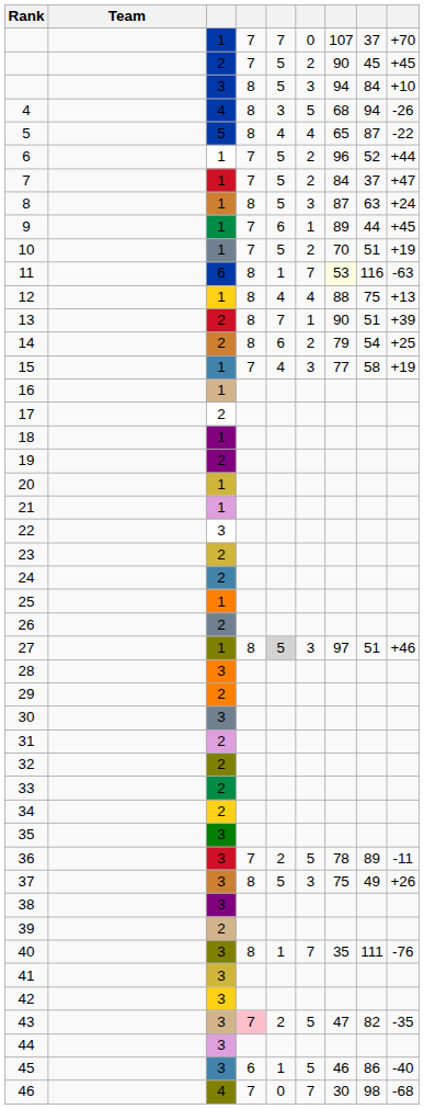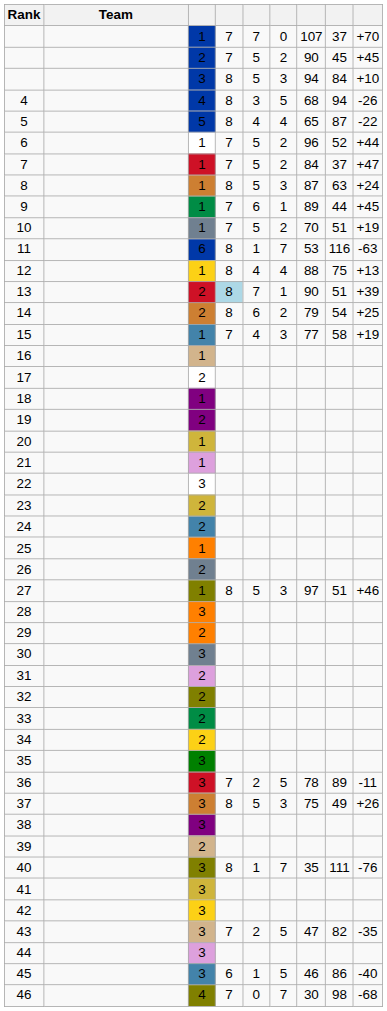 <table class="wikitable sortable" style="text-align:center;">
 <tr bc=gold>
 <th>Rank</th>
 <th width=165>Team</th>
 <th width=25></th>
 <th width=25></th>
 <th width=25></th>
 <th width=25></th>
 <th width=25></th>
 <th width=25></th>
 <th width=25><br>              </th>
 </tr>
 <tr>
 <td></td>
 <td align=left></td>
 <td bgcolor=#0038A8><span>1</span></td>
 <td>7</td>
 <td>7</td>
 <td>0</td>
 <td>107</td>
 <td>37</td>
 <td>+70</td>
 </tr>
 <tr>
 <td></td>
 <td align=left></td>
 <td bgcolor=#0038A8><span>2</span></td>
 <td>7</td>
 <td>5</td>
 <td>2</td>
 <td>90</td>
 <td>45</td>
 <td>+45</td>
 </tr>
 <tr>
 <td></td>
 <td align=left></td>
 <td bgcolor=#0038A8><span>3</span></td>
 <td>8</td>
 <td>5</td>
 <td>3</td>
 <td>94</td>
 <td>84</td>
 <td>+10</td>
 </tr>
 <tr>
 <td>4</td>
 <td align=left></td>
 <td bgcolor=#0038A8><span>4</span></td>
 <td>8</td>
 <td>3</td>
 <td>5</td>
 <td>68</td>
 <td>94</td>
 <td>-26</td>
 </tr>
 <tr>
 <td>5</td>
 <td align=left></td>
 <td bgcolor=#0038A8><span>5</span></td>
 <td>8</td>
 <td>4</td>
 <td>4</td>
 <td>65</td>
 <td>87</td>
 <td>-22</td>
 </tr>
 <tr>
 <td>6</td>
 <td align=left></td>
 <td bgcolor=#FFFFFF><span>1</span></td>
 <td>7</td>
 <td>5</td>
 <td>2</td>
 <td>96</td>
 <td>52</td>
 <td>+44</td>
 </tr>
 <tr>
 <td>7</td>
 <td align=left></td>
 <td bgcolor=#CE1126><span>1</span></td>
 <td>7</td>
 <td>5</td>
 <td>2</td>
 <td>84</td>
 <td>37</td>
 <td>+47</td>
 </tr>
 <tr>
 <td>8</td>
 <td align=left></td>
 <td bgcolor=#CD7F32><span>1</span></td>
 <td>8</td>
 <td>5</td>
 <td>3</td>
 <td>87</td>
 <td>63</td>
 <td>+24</td>
 </tr>
 <tr>
 <td>9</td>
 <td align=left></td>
 <td bgcolor=#008C45><span>1</span></td>
 <td>7</td>
 <td>6</td>
 <td>1</td>
 <td>89</td>
 <td>44</td>
 <td>+45</td>
 </tr>
 <tr>
 <td>10</td>
 <td align=left></td>
 <td bgcolor=#708090><span>1</span></td>
 <td>7</td>
 <td>5</td>
 <td>2</td>
 <td>70</td>
 <td>51</td>
 <td>+19</td>
 </tr>
 <tr>
 <td>11</td>
 <td align=left></td>
 <td bgcolor=#0038A8><span>6</span></td>
 <td>8</td>
 <td>1</td>
 <td>7</td>
-<td style="background: lightyellow;">53</td>
+<td>53</td>
 <td>116</td>
 <td>-63</td>
 </tr>
 <tr>
 <td>12</td>
 <td align=left></td>
 <td bgcolor=#FCD116><span>1</span></td>
 <td>8</td>
 <td>4</td>
 <td>4</td>
 <td>88</td>
 <td>75</td>
 <td>+13</td>
 </tr>
 <tr>
 <td>13</td>
 <td align=left></td>
 <td bgcolor=#CE1126><span>2</span></td>
-<td>8</td>
+<td style="background: lightblue;">8</td>
 <td>7</td>
 <td>1</td>
 <td>90</td>
 <td>51</td>
 <td>+39</td>
 </tr>
 <tr>
 <td>14</td>
 <td align=left></td>
 <td bgcolor=#CD7F32><span>2</span></td>
 <td>8</td>
 <td>6</td>
 <td>2</td>
 <td>79</td>
 <td>54</td>
 <td>+25</td>
 </tr>
 <tr>
 <td>15</td>
 <td align=left></td>
 <td bgcolor=#4383AA><span>1</span></td>
 <td>7</td>
 <td>4</td>
 <td>3</td>
 <td>77</td>
 <td>58</td>
 <td>+19</td>
 </tr>
 <tr>
 <td>16</td>
 <td align=left></td>
 <td bgcolor=#D2B48C><span>1</span></td>
 <td></td>
 <td></td>
 <td></td>
 <td></td>
 <td></td>
 <td></td>
 </tr>
 <tr>
 <td>17</td>
 <td align=left></td>
 <td bgcolor=#FFFFFF><span>2</span></td>
 <td></td>
 <td></td>
 <td></td>
 <td></td>
 <td></td>
 <td></td>
 </tr>
 <tr>
 <td>18</td>
 <td align=left></td>
 <td bgcolor=#800080><span>1</span></td>
 <td></td>
 <td></td>
 <td></td>
 <td></td>
 <td></td>
 <td></td>
 </tr>
 <tr>
 <td>19</td>
 <td align=left></td>
 <td bgcolor=#800080><span>2</span></td>
 <td></td>
 <td></td>
 <td></td>
 <td></td>
 <td></td>
 <td></td>
 </tr>
 <tr>
 <td>20</td>
 <td align=left></td>
 <td bgcolor=#CFB53B><span>1</span></td>
 <td></td>
 <td></td>
 <td></td>
 <td></td>
 <td></td>
 <td></td>
 </tr>
 <tr>
 <td>21</td>
 <td align=left></td>
 <td bgcolor=#DDA0DD><span>1</span></td>
 <td></td>
 <td></td>
 <td></td>
 <td></td>
 <td></td>
 <td></td>
 </tr>
 <tr>
 <td>22</td>
 <td align=left></td>
 <td bgcolor=#FFFFFF><span>3</span></td>
 <td></td>
 <td></td>
 <td></td>
 <td></td>
 <td></td>
 <td></td>
 </tr>
 <tr>
 <td>23</td>
 <td align=left></td>
 <td bgcolor=#CFB53B><span>2</span></td>
 <td></td>
 <td></td>
 <td></td>
 <td></td>
 <td></td>
 <td></td>
 </tr>
 <tr>
 <td>24</td>
 <td align=left></td>
 <td bgcolor=#4383AA><span>2</span></td>
 <td></td>
 <td></td>
 <td></td>
 <td></td>
 <td></td>
 <td></td>
 </tr>
 <tr>
 <td>25</td>
 <td align=left></td>
 <td bgcolor=#FF8000><span>1</span></td>
 <td></td>
 <td></td>
 <td></td>
 <td></td>
 <td></td>
 <td></td>
 </tr>
 <tr>
 <td>26</td>
 <td align=left></td>
 <td bgcolor=#708090><span>2</span></td>
 <td></td>
 <td></td>
 <td></td>
 <td></td>
 <td></td>
 <td></td>
 </tr>
 <tr>
 <td>27</td>
 <td align=left></td>
 <td bgcolor=#808000><span>1</span></td>
 <td>8</td>
-<td style="background: lightgrey;">5</td>
+<td>5</td>
 <td>3</td>
 <td>97</td>
 <td>51</td>
 <td>+46</td>
 </tr>
 <tr>
 <td>28</td>
 <td align=left></td>
 <td bgcolor=#FF8000><span>3</span></td>
 <td></td>
 <td></td>
 <td></td>
 <td></td>
 <td></td>
 <td></td>
 </tr>
 <tr>
 <td>29</td>
 <td align=left></td>
 <td bgcolor=#FF8000><span>2</span></td>
 <td></td>
 <td></td>
 <td></td>
 <td></td>
 <td></td>
 <td></td>
 </tr>
 <tr>
 <td>30</td>
 <td align=left></td>
 <td bgcolor=#708090><span>3</span></td>
 <td></td>
 <td></td>
 <td></td>
 <td></td>
 <td></td>
 <td></td>
 </tr>
 <tr>
 <td>31</td>
 <td align=left></td>
 <td bgcolor=#DDA0DD><span>2</span></td>
 <td></td>
 <td></td>
 <td></td>
 <td></td>
 <td></td>
 <td></td>
 </tr>
 <tr>
 <td>32</td>
 <td align=left></td>
 <td bgcolor=#808000><span>2</span></td>
 <td></td>
 <td></td>
 <td></td>
 <td></td>
 <td></td>
 <td></td>
 </tr>
 <tr>
 <td>33</td>
 <td align=left></td>
 <td bgcolor=#008C45><span>2</span></td>
 <td></td>
 <td></td>
 <td></td>
 <td></td>
 <td></td>
 <td></td>
 </tr>
 <tr>
 <td>34</td>
 <td align=left></td>
 <td bgcolor=#FCD116><span>2</span></td>
 <td></td>
 <td></td>
 <td></td>
 <td></td>
 <td></td>
 <td></td>
 </tr>
 <tr>
 <td>35</td>
 <td align=left></td>
 <td bgcolor=green><span>3</span></td>
 <td></td>
 <td></td>
 <td></td>
 <td></td>
 <td></td>
 <td></td>
 </tr>
 <tr>
 <td>36</td>
 <td align=left></td>
 <td bgcolor=#CE1126><span>3</span></td>
 <td>7</td>
 <td>2</td>
 <td>5</td>
 <td>78</td>
 <td>89</td>
 <td>-11</td>
 </tr>
 <tr>
 <td>37</td>
 <td align=left></td>
 <td bgcolor=#CD7F32><span>3</span></td>
 <td>8</td>
 <td>5</td>
 <td>3</td>
 <td>75</td>
 <td>49</td>
 <td>+26</td>
 </tr>
 <tr>
 <td>38</td>
 <td align=left></td>
 <td bgcolor=#800080><span>3</span></td>
 <td></td>
 <td></td>
 <td></td>
 <td></td>
 <td></td>
 <td></td>
 </tr>
 <tr>
 <td>39</td>
 <td align=left></td>
 <td bgcolor=#D2B48C><span>2</span></td>
 <td></td>
 <td></td>
 <td></td>
 <td></td>
 <td></td>
 <td></td>
 </tr>
 <tr>
 <td>40</td>
 <td align=left></td>
 <td bgcolor=#808000><span>3</span></td>
 <td>8</td>
 <td>1</td>
 <td>7</td>
 <td>35</td>
 <td>111</td>
 <td>-76</td>
 </tr>
 <tr>
 <td>41</td>
 <td align=left></td>
 <td bgcolor=#CFB53B><span>3</span></td>
 <td></td>
 <td></td>
 <td></td>
 <td></td>
 <td></td>
 <td></td>
 </tr>
 <tr>
 <td>42</td>
 <td align=left></td>
 <td bgcolor=#FCD116><span>3</span></td>
 <td></td>
 <td></td>
 <td></td>
 <td></td>
 <td></td>
 <td></td>
 </tr>
 <tr>
 <td>43</td>
 <td align=left></td>
 <td bgcolor=#D2B48C><span>3</span></td>
-<td style="background: pink;">7</td>
+<td>7</td>
 <td>2</td>
 <td>5</td>
 <td>47</td>
 <td>82</td>
 <td>-35</td>
 </tr>
 <tr>
 <td>44</td>
 <td align=left></td>
 <td bgcolor=#DDA0DD><span>3</span></td>
 <td></td>
 <td></td>
 <td></td>
 <td></td>
 <td></td>
 <td></td>
 </tr>
 <tr>
 <td>45</td>
 <td align=left></td>
 <td bgcolor=#4383AA><span>3</span></td>
 <td>6</td>
 <td>1</td>
 <td>5</td>
 <td>46</td>
 <td>86</td>
 <td>-40</td>
 </tr>
 <tr>
 <td>46</td>
 <td align=left></td>
 <td bgcolor=#808000><span>4</span></td>
 <td>7</td>
 <td>0</td>
 <td>7</td>
 <td>30</td>
 <td>98</td>
 <td>-68</td>
 </tr>
 </table>
